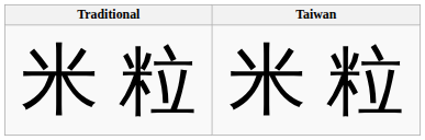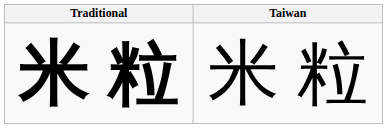 <table class="wikitable" style="text-align: center;">
 <tr>
 <th>Traditional</th>
 <th>Taiwan</th>
 </tr>
 <tr style="font-size:6em; font-family:serif; line-height:100%;">
-<td lang="ja">米 粒</td>
+<td lang="ja"><strong>米 粒</strong></td>
 <td lang="zh-tw">米 粒</td>
 </tr>
 </table>
